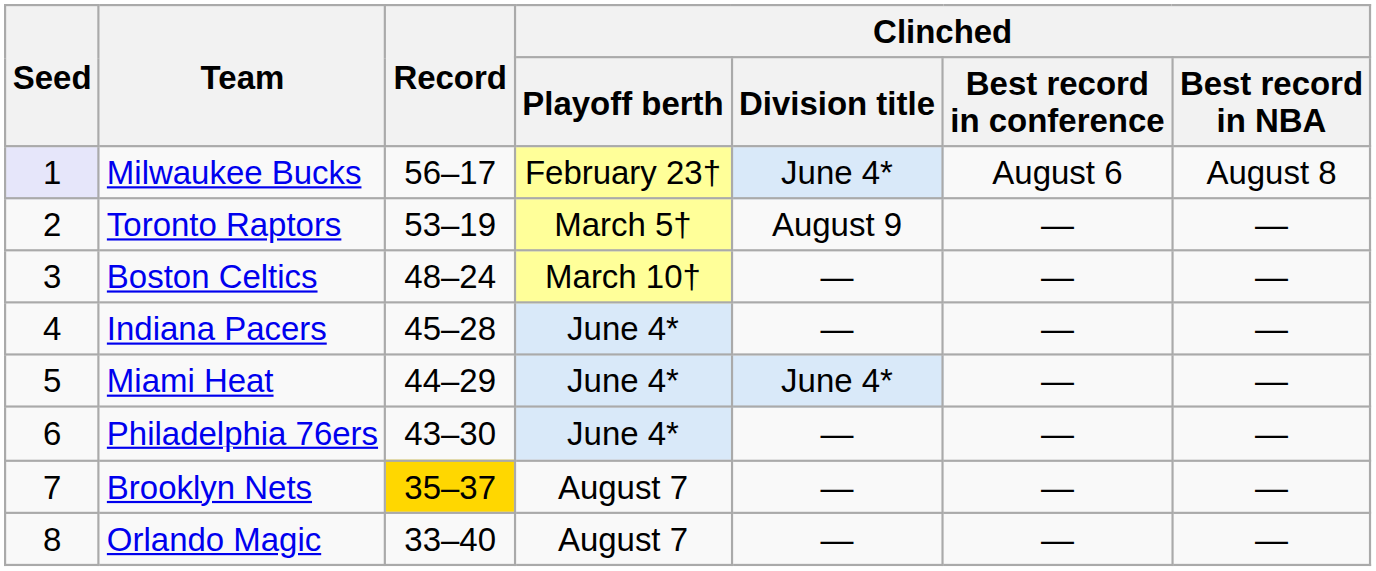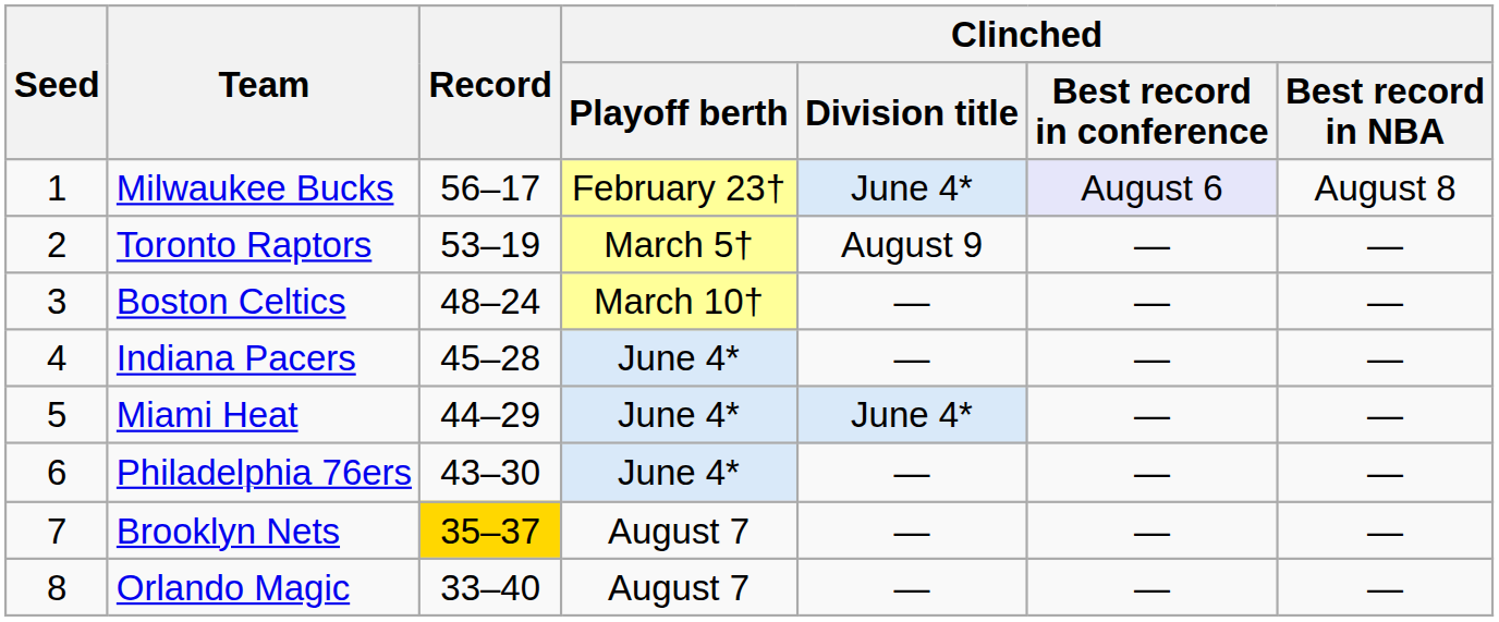 <table class="wikitable"  style="font-size:95%; text-align:center">
 <tr>
 <th rowspan=2>Seed</th>
 <th rowspan=2>Team</th>
 <th rowspan=2>Record</th>
 <th colspan=4>Clinched</th>
 </tr>
 <tr>
 <th>Playoff berth</th>
 <th>Division title</th>
 <th>Best record<br>in conference</th>
 <th>Best record<br>in NBA</th>
 </tr>
 <tr>
-<td style="background: lavender;">1</td>
+<td>1</td>
 <td align=left><a href='#'>Milwaukee Bucks</a></td>
 <td>56–17</td>
 <td bgcolor="#ffff99">February 23†</td>
 <td bgcolor="#d9e9f9">June 4*</td>
-<td>August 6</td>
+<td style="background: lavender;">August 6</td>
 <td>August 8</td>
 </tr>
 <tr>
 <td>2</td>
 <td align=left><a href='#'>Toronto Raptors</a></td>
 <td>53–19</td>
 <td bgcolor="#ffff99">March 5†</td>
 <td>August 9</td>
 <td>—</td>
 <td>—</td>
 </tr>
 <tr>
 <td>3</td>
 <td align=left><a href='#'>Boston Celtics</a></td>
 <td>48–24</td>
 <td bgcolor="#ffff99">March 10†</td>
 <td>—</td>
 <td>—</td>
 <td>—</td>
 </tr>
 <tr>
 <td>4</td>
 <td align=left><a href='#'>Indiana Pacers</a></td>
 <td>45–28</td>
 <td bgcolor="#d9e9f9">June 4*</td>
 <td>—</td>
 <td>—</td>
 <td>—</td>
 </tr>
 <tr>
 <td>5</td>
 <td align=left><a href='#'>Miami Heat</a></td>
 <td>44–29</td>
 <td bgcolor="#d9e9f9">June 4*</td>
 <td bgcolor="#d9e9f9">June 4*</td>
 <td>—</td>
 <td>—</td>
 </tr>
 <tr>
 <td>6</td>
 <td align=left><a href='#'>Philadelphia 76ers</a></td>
 <td>43–30</td>
 <td bgcolor="#d9e9f9">June 4*</td>
 <td>—</td>
 <td>—</td>
 <td>—</td>
 </tr>
 <tr>
 <td>7</td>
 <td align=left><a href='#'>Brooklyn Nets</a></td>
 <td style="background: gold;">35–37</td>
 <td>August 7</td>
 <td>—</td>
 <td>—</td>
 <td>—</td>
 </tr>
 <tr>
 <td>8</td>
 <td align=left><a href='#'>Orlando Magic</a></td>
 <td>33–40</td>
 <td>August 7</td>
 <td>—</td>
 <td>—</td>
 <td>—</td>
 </tr>
 </table>
